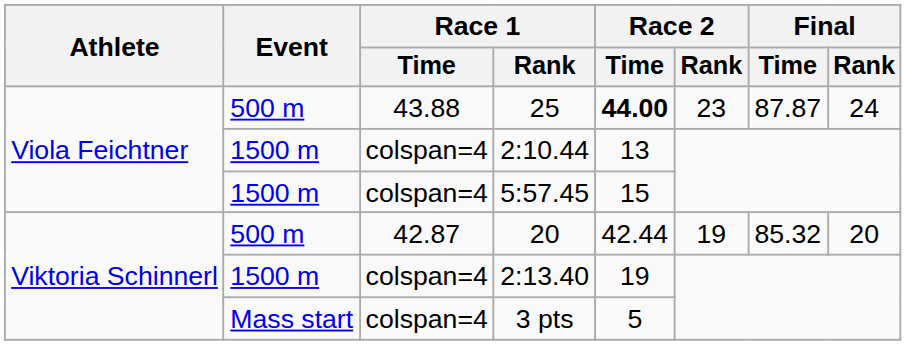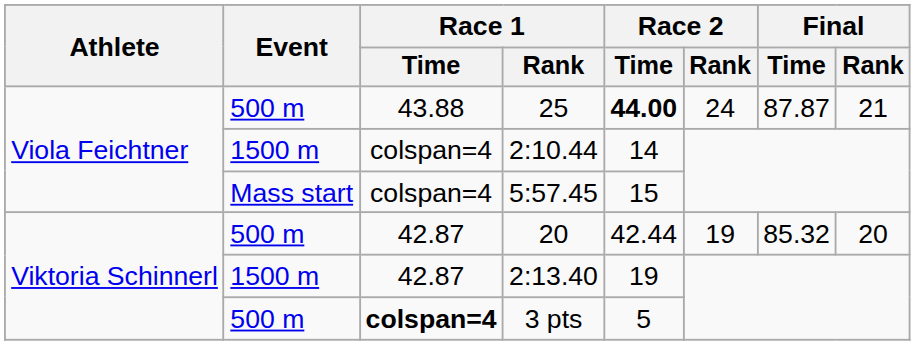 <table class="wikitable" style="font-size:90%">
 <tr>
 <th rowspan=2>Athlete</th>
 <th rowspan=2>Event</th>
 <th colspan=2>Race 1</th>
 <th colspan=2>Race 2</th>
 <th colspan=2>Final</th>
 </tr>
 <tr style="font-size:95%">
 <th>Time</th>
 <th>Rank</th>
 <th>Time</th>
 <th>Rank</th>
 <th>Time</th>
 <th>Rank</th>
 </tr>
 <tr align=center>
 <td align=left rowspan=3><a href='#'>Viola Feichtner</a></td>
 <td align=left><a href='#'>500 m</a></td>
 <td>43.88</td>
 <td>25</td>
 <td><strong>44.00</strong></td>
-<td>23</td>
+<td>24</td>
 <td>87.87</td>
-<td>24</td>
+<td>21</td>
 </tr>
 <tr align=center>
 <td align=left><a href='#'>1500 m</a></td>
 <td>colspan=4 </td>
 <td>2:10.44</td>
-<td>13</td>
+<td>14</td>
 </tr>
 <tr align=center>
-<td align=left><a href='#'>1500 m</a></td>
+<td align=left><a href='#'>Mass start</a></td>
 <td>colspan=4 </td>
 <td>5:57.45</td>
 <td>15</td>
 </tr>
 <tr align=center>
 <td align=left rowspan=3><a href='#'>Viktoria Schinnerl</a></td>
 <td align=left><a href='#'>500 m</a></td>
 <td>42.87</td>
 <td>20</td>
 <td>42.44</td>
 <td>19</td>
 <td>85.32</td>
 <td>20</td>
 </tr>
 <tr align=center>
 <td align=left><a href='#'>1500 m</a></td>
-<td>colspan=4 </td>
+<td>42.87</td>
 <td>2:13.40</td>
 <td>19</td>
 </tr>
 <tr align=center>
-<td align=left><a href='#'>Mass start</a></td>
-<td>colspan=4 </td>
+<td align=left><a href='#'>500 m</a></td>
+<td><strong>colspan=4 </strong></td>
 <td>3 pts</td>
 <td>5</td>
 </tr>
 </table>
